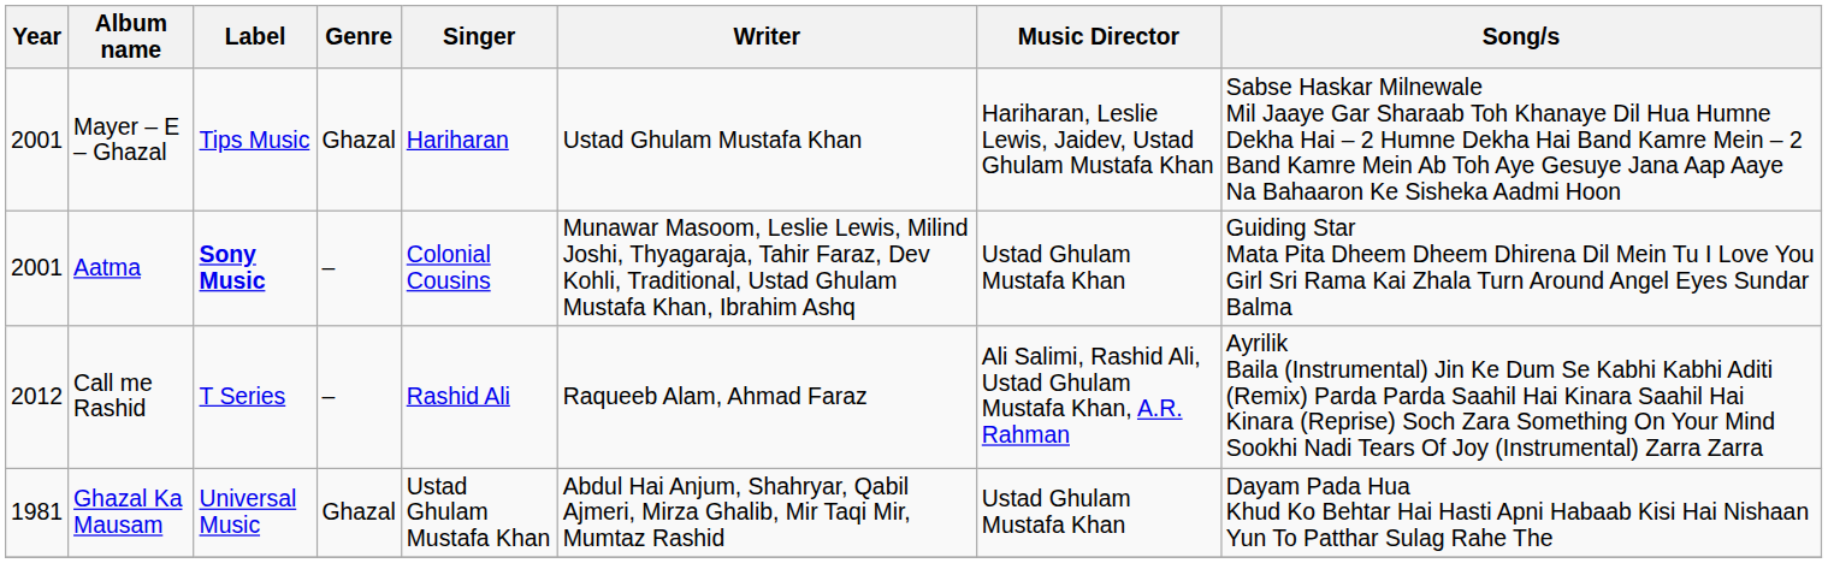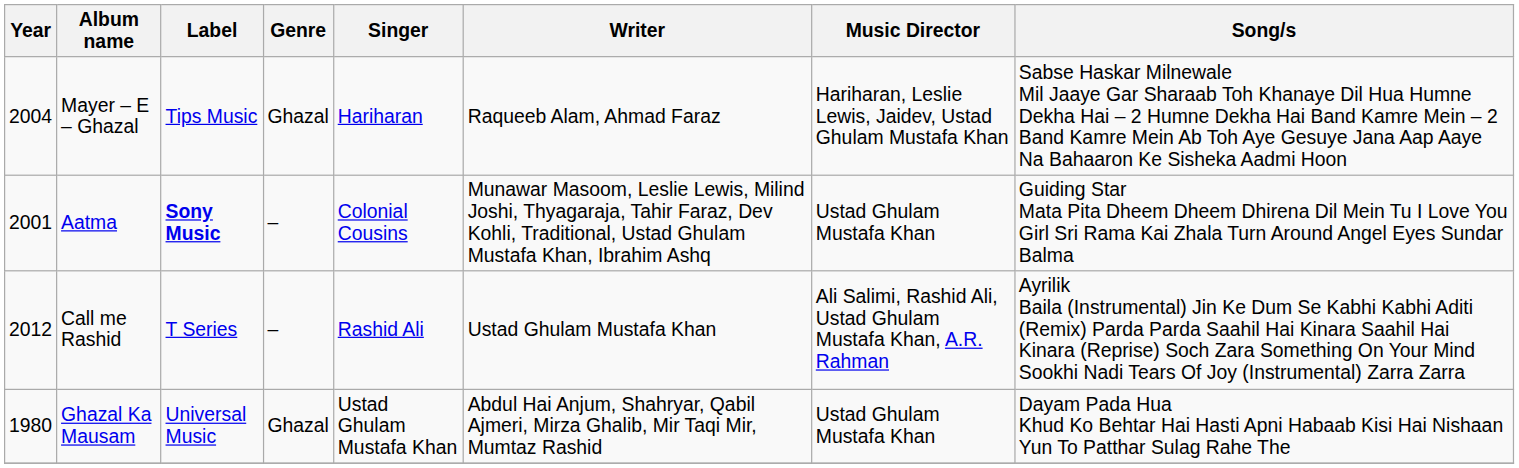 <table class="wikitable sortable">
 <tr>
 <th>Year</th>
 <th>Album name</th>
 <th>Label</th>
 <th>Genre</th>
 <th>Singer</th>
 <th>Writer</th>
 <th>Music Director</th>
 <th>Song/s</th>
 </tr>
 <tr>
-<td>2001</td>
+<td>2004</td>
 <td>Mayer – E – Ghazal</td>
 <td><a href='#'>Tips Music</a></td>
 <td>Ghazal</td>
 <td><a href='#'>Hariharan</a></td>
-<td>Ustad Ghulam Mustafa Khan</td>
+<td>Raqueeb Alam, Ahmad Faraz</td>
 <td>Hariharan, Leslie Lewis, Jaidev, Ustad Ghulam Mustafa Khan</td>
 <td>Sabse Haskar Milnewale<br>Mil Jaaye Gar Sharaab Toh Khanaye Dil Hua Humne Dekha Hai – 2 Humne Dekha Hai Band Kamre Mein – 2 Band Kamre Mein Ab Toh Aye Gesuye Jana Aap Aaye Na Bahaaron Ke Sisheka Aadmi Hoon</td>
 </tr>
 <tr>
 <td>2001</td>
 <td><a href='#'>Aatma</a></td>
 <td><strong><a href='#'>Sony Music</a></strong></td>
 <td>–</td>
 <td><a href='#'>Colonial Cousins</a></td>
 <td>Munawar Masoom, Leslie Lewis, Milind Joshi, Thyagaraja, Tahir Faraz, Dev Kohli, Traditional, Ustad Ghulam Mustafa Khan, Ibrahim Ashq</td>
 <td>Ustad Ghulam Mustafa Khan</td>
 <td>Guiding Star<br>Mata Pita Dheem Dheem Dhirena Dil Mein Tu  I Love You Girl Sri Rama Kai Zhala Turn Around Angel Eyes  Sundar Balma</td>
 </tr>
 <tr>
 <td>2012</td>
 <td>Call me Rashid</td>
 <td><a href='#'>T Series</a></td>
 <td>–</td>
 <td><a href='#'>Rashid Ali</a></td>
-<td>Raqueeb Alam, Ahmad Faraz</td>
+<td>Ustad Ghulam Mustafa Khan</td>
 <td>Ali Salimi, Rashid Ali, Ustad Ghulam Mustafa Khan, <a href='#'>A.R. Rahman</a></td>
 <td>Ayrilik<br>Baila (Instrumental) Jin Ke Dum Se Kabhi Kabhi Aditi (Remix) Parda Parda Saahil Hai Kinara  Saahil Hai Kinara (Reprise) Soch Zara Something On Your Mind  Sookhi Nadi  Tears Of Joy (Instrumental)  Zarra Zarra</td>
 </tr>
 <tr>
-<td>1981</td>
+<td>1980</td>
 <td><a href='#'>Ghazal Ka Mausam</a></td>
 <td><a href='#'>Universal Music</a></td>
 <td>Ghazal</td>
 <td>Ustad Ghulam Mustafa Khan</td>
 <td>Abdul Hai Anjum, Shahryar, Qabil Ajmeri, Mirza Ghalib, Mir Taqi Mir, Mumtaz Rashid</td>
 <td>Ustad Ghulam Mustafa Khan</td>
 <td>Dayam Pada Hua<br>Khud Ko Behtar Hai Hasti Apni Habaab Kisi Hai Nishaan Yun To Patthar Sulag Rahe The</td>
 </tr>
 <tr>
 </tr>
 </table>
